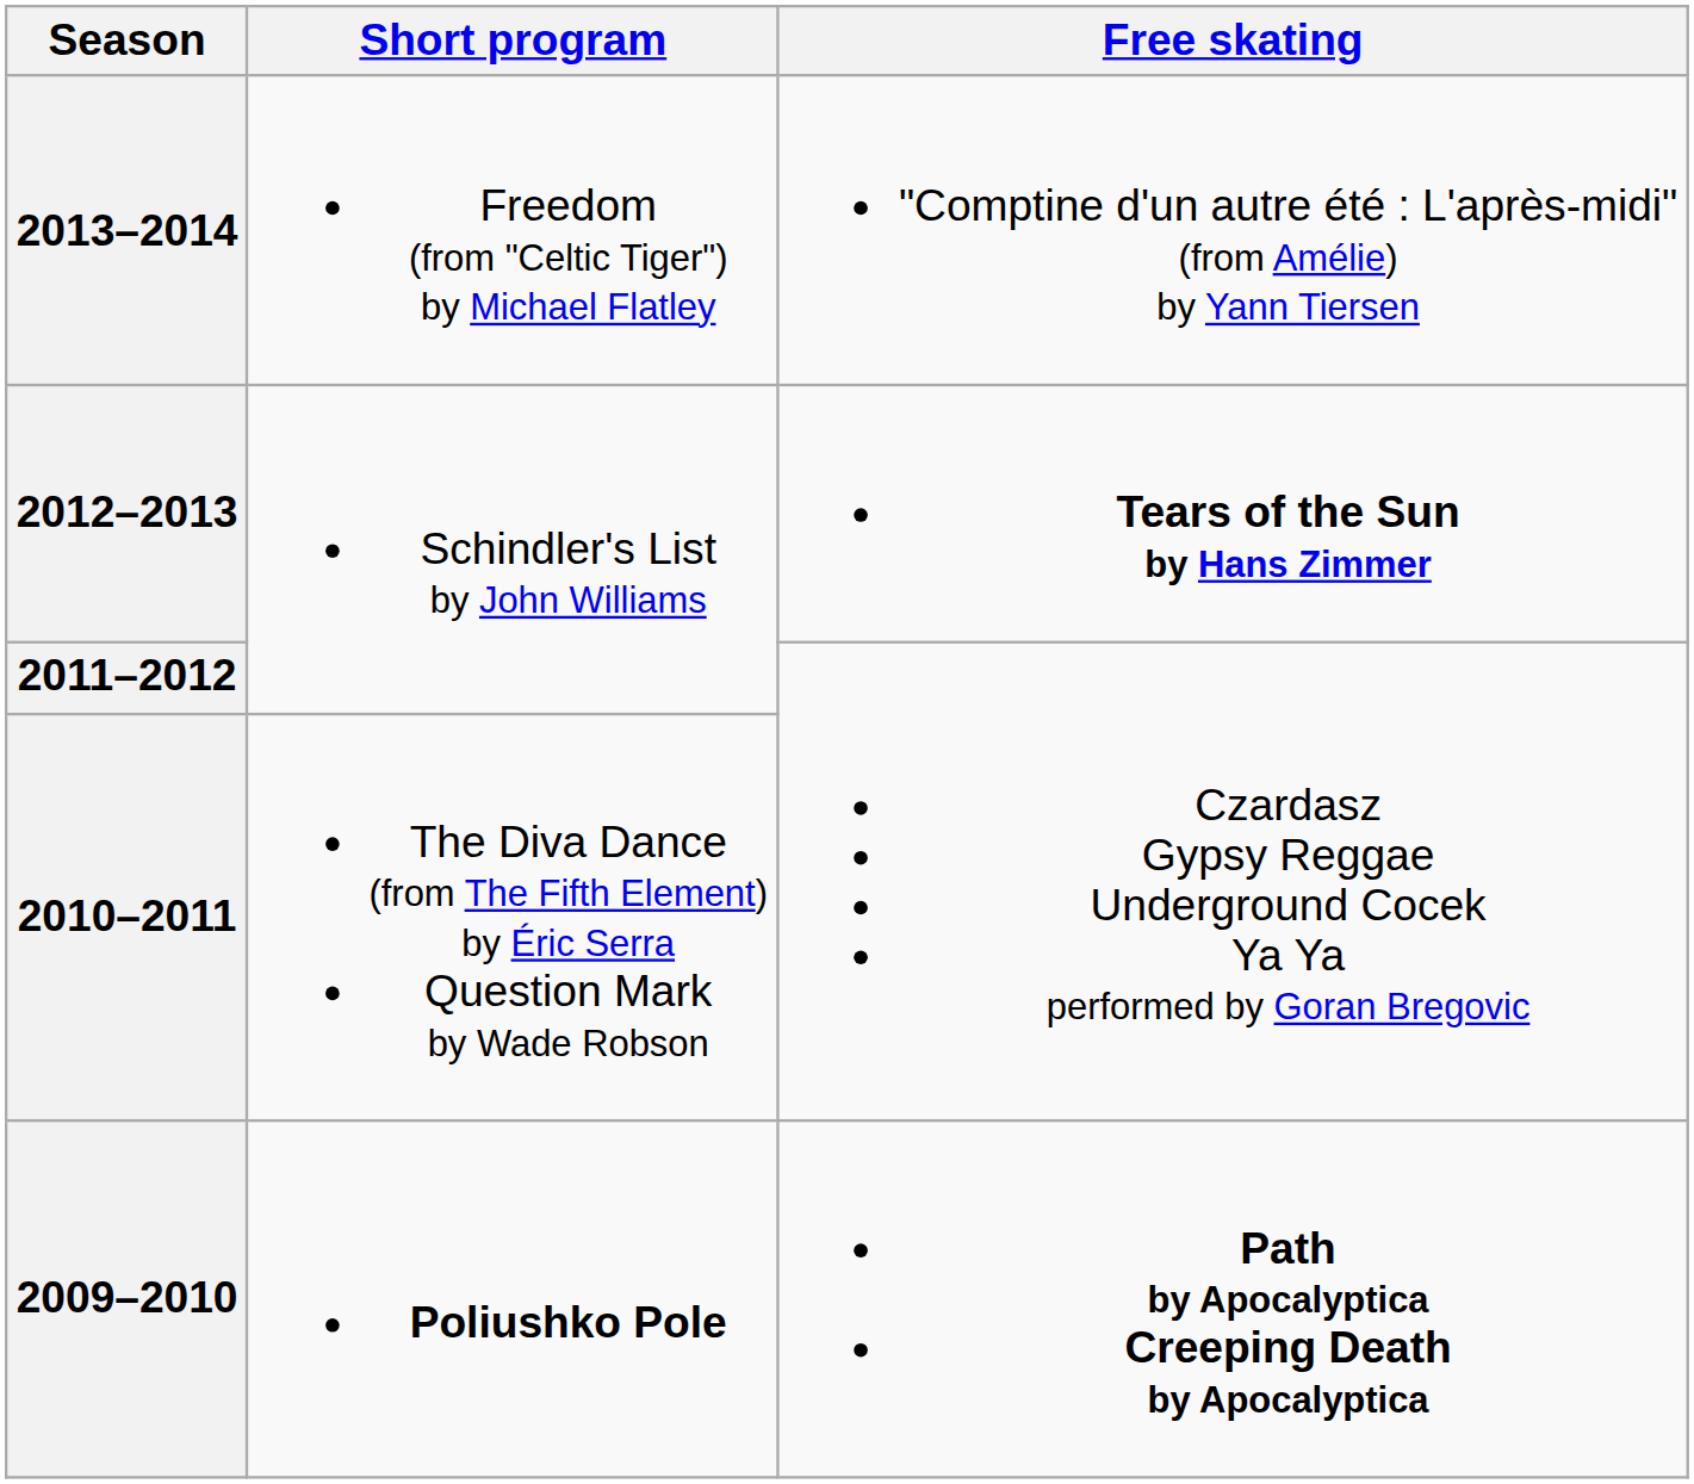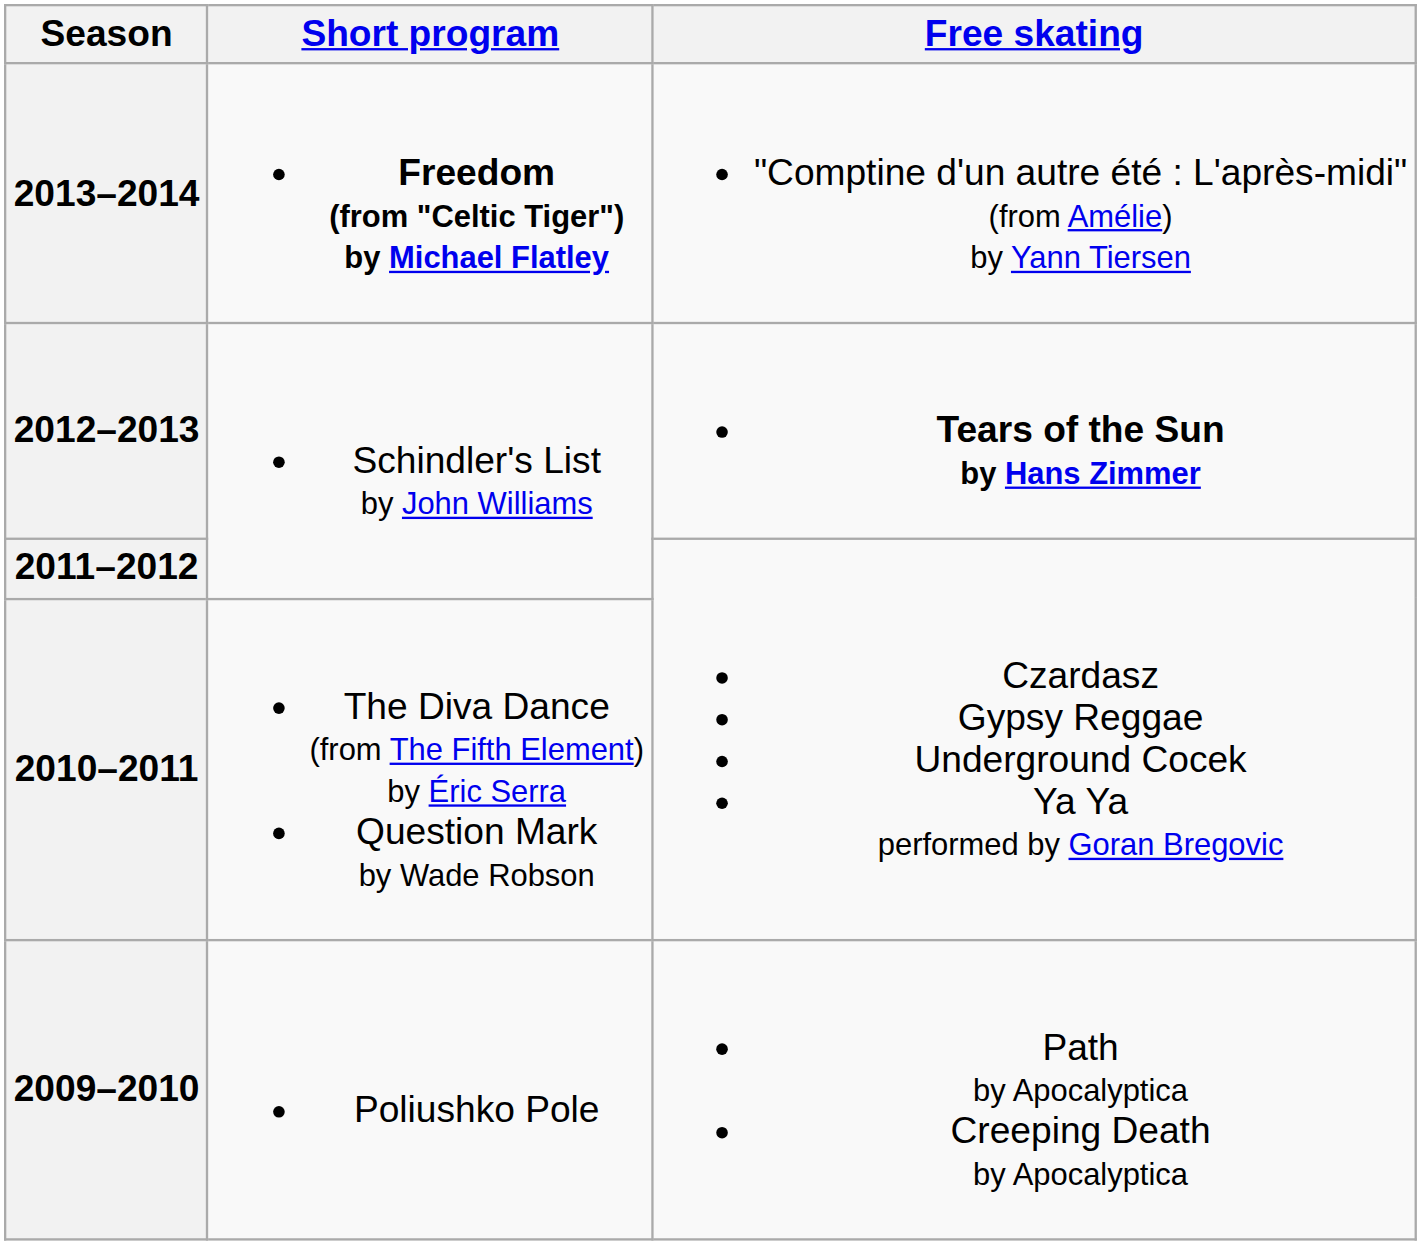 <table class=wikitable style=text-align:center>
 <tr>
 <th>Season</th>
 <th><a href='#'>Short program</a></th>
 <th><a href='#'>Free skating</a></th>
 </tr>
 <tr>
 <th>2013–2014 <br> </th>
-<td><br><ul><li>Freedom <br><small> (from "Celtic Tiger") <br> by <a href='#'>Michael Flatley</a> </small></li></ul></td>
+<td><strong><br><ul><li>Freedom <br><small> (from "Celtic Tiger") <br> by <a href='#'>Michael Flatley</a> </small></li></ul></strong></td>
 <td><br><ul><li>"Comptine d'un autre été : L'après-midi" <br><small> (from <a href='#'>Amélie</a>) <br> by <a href='#'>Yann Tiersen</a> </small></li></ul></td>
 </tr>
 <tr>
 <th>2012–2013 <br> </th>
 <td rowspan=2><br><ul><li>Schindler's List <br><small> by <a href='#'>John Williams</a> </small></li></ul></td>
 <td><strong><br><ul><li>Tears of the Sun <br><small> by <a href='#'>Hans Zimmer</a> </small></li></ul></strong></td>
 </tr>
 <tr>
 <th>2011–2012 <br> </th>
 <td rowspan=2><br><ul><li>Czardasz</li><li>Gypsy Reggae</li><li>Underground Cocek</li><li>Ya Ya <br><small> performed by <a href='#'>Goran Bregovic</a> </small></li></ul></td>
 </tr>
 <tr>
 <th>2010–2011 <br> </th>
 <td><br><ul><li>The Diva Dance <br><small> (from <a href='#'>The Fifth Element</a>) <br> by <a href='#'>Éric Serra</a> </small></li><li>Question Mark <br><small> by Wade Robson </small></li></ul></td>
 </tr>
 <tr>
 <th>2009–2010 <br> </th>
-<td><strong><br><ul><li>Poliushko Pole</li></ul></strong></td>
-<td><strong><br><ul><li>Path <br><small> by Apocalyptica </small></li><li>Creeping Death <br><small> by Apocalyptica </small></li></ul></strong></td>
+<td><br><ul><li>Poliushko Pole</li></ul></td>
+<td><br><ul><li>Path <br><small> by Apocalyptica </small></li><li>Creeping Death <br><small> by Apocalyptica </small></li></ul></td>
 </tr>
 </table>
